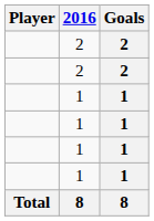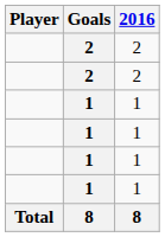 <table class="wikitable sortable" style="text-align:center;">
 <tr>
 <th>Player</th>
+<th>Goals</th>
 <th><a href='#'>2016</a></th>
-<th>Goals</th>
 </tr>
 <tr>
 <td align="left"></td>
+<th>2</th>
 <td>2</td>
-<th>2</th>
 </tr>
 <tr>
 <td align="left"></td>
+<th>2</th>
 <td>2</td>
-<th>2</th>
 </tr>
 <tr>
 <td align="left"></td>
+<th>1</th>
 <td>1</td>
-<th>1</th>
 </tr>
 <tr>
 <td align="left"></td>
+<th>1</th>
 <td>1</td>
-<th>1</th>
 </tr>
 <tr>
 <td align="left"></td>
+<th>1</th>
 <td>1</td>
-<th>1</th>
 </tr>
 <tr>
 <td align="left"></td>
+<th>1</th>
 <td>1</td>
-<th>1</th>
 </tr>
 <tr class="sortbottom">
 <th>Total</th>
 <th>8</th>
 <th>8</th>
 </tr>
 </table>
